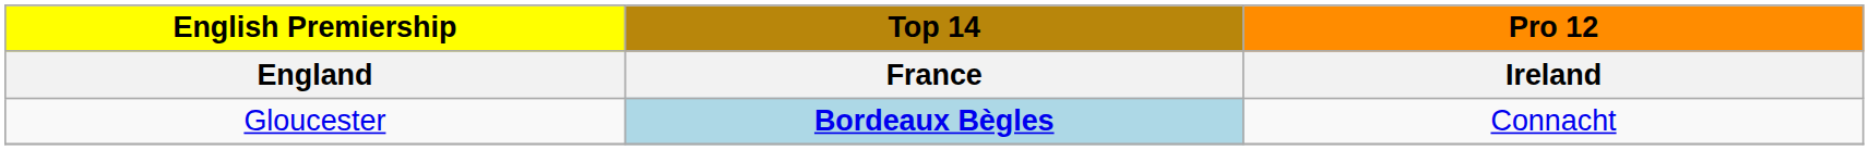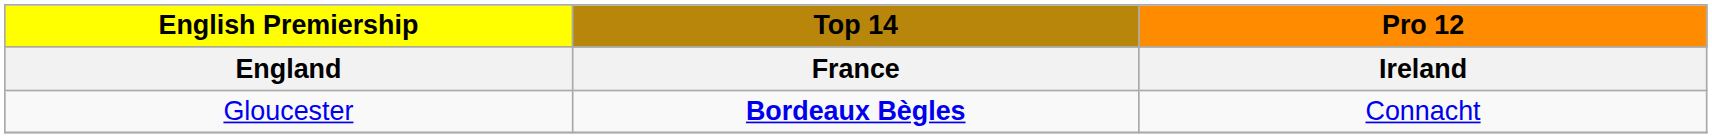 <table class="wikitable" style="margin: 1em auto 1em auto;">
 <tr>
 <th style="background: #ffff00;">English Premiership</th>
 <th style="background: #b8860b;">Top 14</th>
 <th style="background: #ff8c00;">Pro 12</th>
 </tr>
 <tr>
 <th width=16%> England</th>
 <th width=16%> France</th>
 <th width=16%> Ireland</th>
 </tr>
 <tr>
 <td style="text-align: center;"><a href='#'>Gloucester</a></td>
-<td style="background: lightblue; text-align: center;"><strong><a href='#'>Bordeaux Bègles</a></strong></td>
+<td style="text-align: center;"><strong><a href='#'>Bordeaux Bègles</a></strong></td>
 <td style="text-align: center;"><a href='#'>Connacht</a></td>
 </tr>
 <tr valign=top>
 </tr>
 </table>
